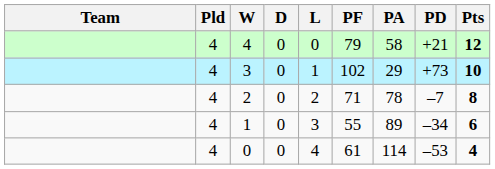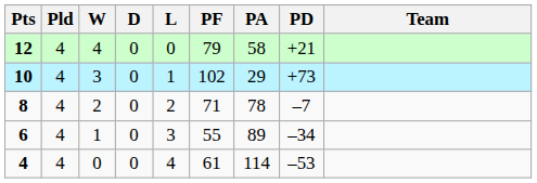 <table class="wikitable" style="text-align:center;">
 <tr>
-<th width=175>Team</th>
+<th width=25 abbr="Points">Pts</th>
 <th width=25 abbr="Played">Pld</th>
 <th width=25 abbr="Won">W</th>
 <th width=25 abbr="Drawn">D</th>
 <th width=25 abbr="Lost">L</th>
 <th width=32 abbr="Points for">PF</th>
 <th width=32 abbr="Points against">PA</th>
 <th width=32 abbr="Points difference">PD</th>
-<th width=25 abbr="Points">Pts</th>
+<th width=175>Team</th>
 </tr>
 <tr bgcolor=#cfc>
-<td align="left"></td>
+<td><strong>12</strong></td>
 <td>4</td>
 <td>4</td>
 <td>0</td>
 <td>0</td>
 <td>79</td>
 <td>58</td>
 <td>+21</td>
-<td><strong>12</strong></td>
+<td align="left"></td>
 </tr>
 <tr bgcolor=#BBF3FF>
-<td align="left"></td>
+<td><strong>10</strong></td>
 <td>4</td>
 <td>3</td>
 <td>0</td>
 <td>1</td>
 <td>102</td>
 <td>29</td>
 <td>+73</td>
-<td><strong>10</strong></td>
+<td align="left"></td>
 </tr>
 <tr>
-<td align="left"></td>
+<td><strong>8</strong></td>
 <td>4</td>
 <td>2</td>
 <td>0</td>
 <td>2</td>
 <td>71</td>
 <td>78</td>
 <td>–7</td>
-<td><strong>8</strong></td>
+<td align="left"></td>
 </tr>
 <tr>
-<td align="left"></td>
+<td><strong>6</strong></td>
 <td>4</td>
 <td>1</td>
 <td>0</td>
 <td>3</td>
 <td>55</td>
 <td>89</td>
 <td>–34</td>
-<td><strong>6</strong></td>
+<td align="left"></td>
 </tr>
 <tr>
-<td align="left"></td>
+<td><strong>4</strong></td>
 <td>4</td>
 <td>0</td>
 <td>0</td>
 <td>4</td>
 <td>61</td>
 <td>114</td>
 <td>–53</td>
-<td><strong>4</strong></td>
+<td align="left"></td>
 </tr>
 </table>
